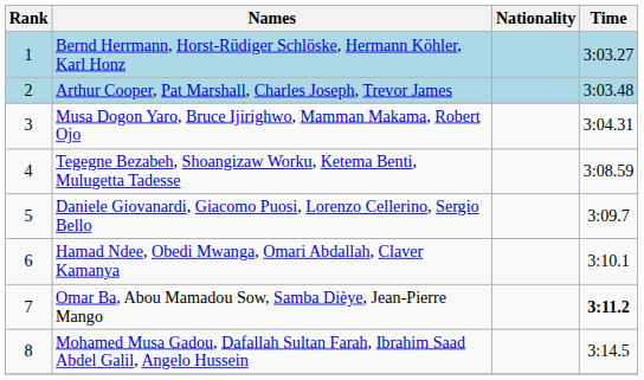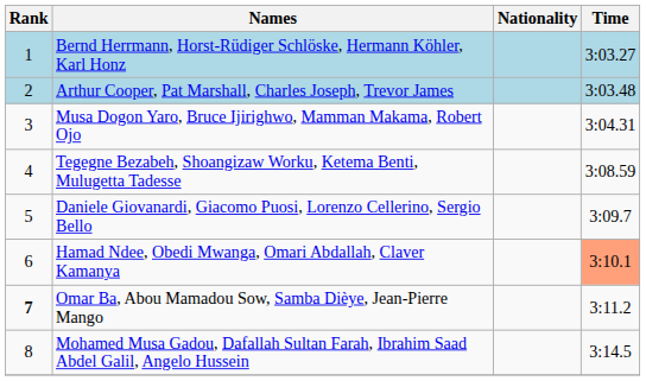 <table class="wikitable sortable" style="text-align:center">
 <tr>
 <th>Rank</th>
 <th>Names</th>
 <th>Nationality</th>
 <th>Time</th>
 </tr>
 <tr bgcolor=lightblue>
 <td>1</td>
 <td align=left><a href='#'>Bernd Herrmann</a>, <a href='#'>Horst-Rüdiger Schlöske</a>, <a href='#'>Hermann Köhler</a>, <a href='#'>Karl Honz</a></td>
 <td align=left></td>
 <td>3:03.27</td>
 </tr>
 <tr bgcolor=lightblue>
 <td>2</td>
 <td align=left><a href='#'>Arthur Cooper</a>, <a href='#'>Pat Marshall</a>, <a href='#'>Charles Joseph</a>, <a href='#'>Trevor James</a></td>
 <td align=left></td>
 <td>3:03.48</td>
 </tr>
 <tr>
 <td>3</td>
 <td align=left><a href='#'>Musa Dogon Yaro</a>, <a href='#'>Bruce Ijirighwo</a>, <a href='#'>Mamman Makama</a>, <a href='#'>Robert Ojo</a></td>
 <td align=left></td>
 <td>3:04.31</td>
 </tr>
 <tr>
 <td>4</td>
 <td align=left><a href='#'>Tegegne Bezabeh</a>, <a href='#'>Shoangizaw Worku</a>, <a href='#'>Ketema Benti</a>, <a href='#'>Mulugetta Tadesse</a></td>
 <td align=left></td>
 <td>3:08.59</td>
 </tr>
 <tr>
 <td>5</td>
 <td align=left><a href='#'>Daniele Giovanardi</a>, <a href='#'>Giacomo Puosi</a>, <a href='#'>Lorenzo Cellerino</a>, <a href='#'>Sergio Bello</a></td>
 <td align=left></td>
 <td>3:09.7</td>
 </tr>
 <tr>
 <td>6</td>
 <td align=left><a href='#'>Hamad Ndee</a>, <a href='#'>Obedi Mwanga</a>, <a href='#'>Omari Abdallah</a>, <a href='#'>Claver Kamanya</a></td>
 <td align=left></td>
-<td>3:10.1</td>
+<td style="background: lightsalmon;">3:10.1</td>
 </tr>
 <tr>
-<td>7</td>
+<td><strong>7</strong></td>
 <td align=left><a href='#'>Omar Ba</a>, Abou Mamadou Sow, <a href='#'>Samba Dièye</a>, Jean-Pierre Mango</td>
 <td align=left></td>
-<td><strong>3:11.2</strong></td>
+<td>3:11.2</td>
 </tr>
 <tr>
 <td>8</td>
 <td align=left><a href='#'>Mohamed Musa Gadou</a>, <a href='#'>Dafallah Sultan Farah</a>, <a href='#'>Ibrahim Saad Abdel Galil</a>, <a href='#'>Angelo Hussein</a></td>
 <td align=left></td>
 <td>3:14.5</td>
 </tr>
 <tr>
 </tr>
 </table>
